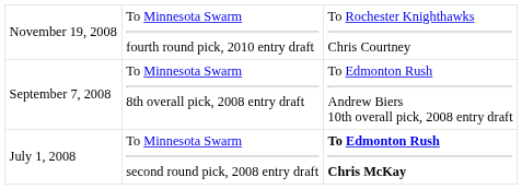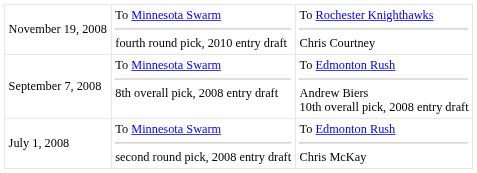 <table border=1 style="border-collapse:collapse" bordercolor="#DFDFDF"  cellpadding="5">
 <tr>
 <td>November 19, 2008</td>
 <td valign="top">To <a href='#'>Minnesota Swarm</a> <hr>fourth round pick, 2010 entry draft</td>
 <td valign="top">To <a href='#'>Rochester Knighthawks</a><hr>Chris Courtney</td>
 </tr>
 <tr>
 <td>September 7, 2008</td>
 <td valign="top">To <a href='#'>Minnesota Swarm</a><hr>8th overall pick, 2008 entry draft</td>
 <td valign="top">To <a href='#'>Edmonton Rush</a> <hr>Andrew Biers<br>10th overall pick, 2008 entry draft</td>
 </tr>
 <tr>
 <td>July 1, 2008</td>
 <td valign="top">To <a href='#'>Minnesota Swarm</a><hr>second round pick, 2008 entry draft</td>
-<td valign="top"><strong>To <a href='#'>Edmonton Rush</a> <hr>Chris McKay</strong></td>
+<td valign="top">To <a href='#'>Edmonton Rush</a> <hr>Chris McKay</td>
 </tr>
 </table>
